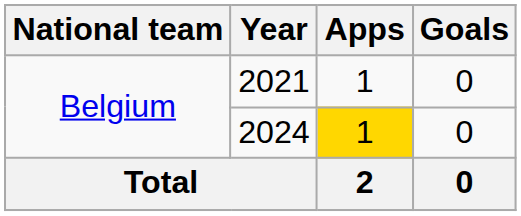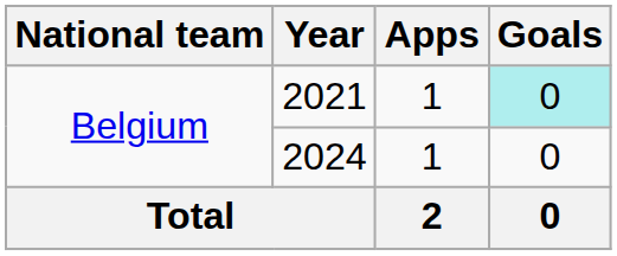 <table class="wikitable" style="text-align:center">
 <tr>
 <th>National team</th>
 <th>Year</th>
 <th>Apps</th>
 <th>Goals</th>
 </tr>
 <tr>
 <td rowspan="2"><a href='#'>Belgium</a></td>
 <td>2021</td>
 <td>1</td>
-<td>0</td>
+<td style="background: paleturquoise;">0</td>
 </tr>
 <tr>
 <td>2024</td>
-<td style="background: gold;">1</td>
+<td>1</td>
 <td>0</td>
 </tr>
 <tr>
 <th colspan="2">Total</th>
 <th>2</th>
 <th>0</th>
 </tr>
 </table>
